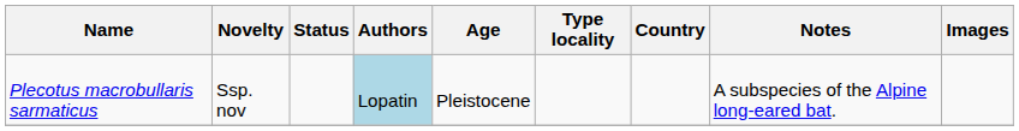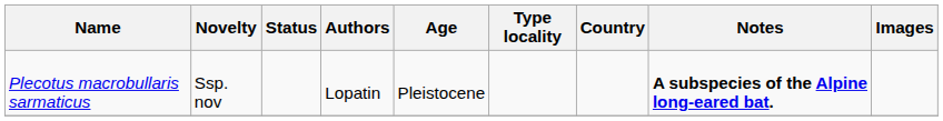 <table class="wikitable sortable" align="center" width="100%">
 <tr>
 <th>Name</th>
 <th>Novelty</th>
 <th>Status</th>
 <th>Authors</th>
 <th>Age</th>
 <th>Type locality</th>
 <th>Country</th>
 <th>Notes</th>
 <th>Images</th>
 </tr>
 <tr>
 <td><br><em><a href='#'>Plecotus macrobullaris sarmaticus</a></em></td>
 <td><br>Ssp. nov</td>
 <td></td>
-<td style="background: lightblue;"><br>Lopatin</td>
+<td><br>Lopatin</td>
 <td><br>Pleistocene</td>
 <td></td>
 <td><br></td>
-<td><br>A subspecies of the <a href='#'>Alpine long-eared bat</a>.</td>
+<td><strong><br>A subspecies of the <a href='#'>Alpine long-eared bat</a>.</strong></td>
 <td></td>
 </tr>
 <tr>
 </tr>
 </table>
